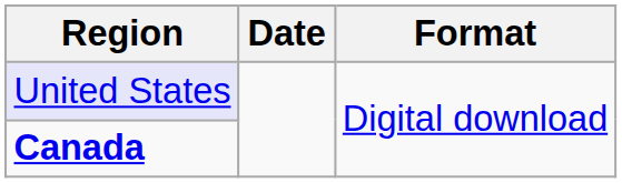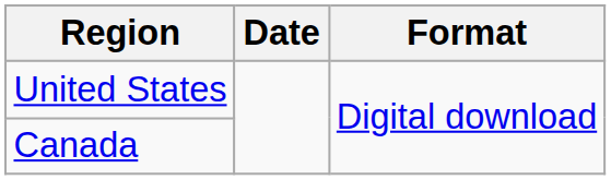 <table class="wikitable">
 <tr>
 <th>Region</th>
 <th>Date</th>
 <th>Format</th>
 </tr>
 <tr>
-<td rowspan="1" style="background: lavender;"><a href='#'>United States</a></td>
+<td rowspan="1"><a href='#'>United States</a></td>
 <td rowspan="2"></td>
 <td rowspan="2"><a href='#'>Digital download</a></td>
 </tr>
 <tr>
-<td rowspan="1"><strong><a href='#'>Canada</a></strong></td>
+<td rowspan="1"><a href='#'>Canada</a></td>
 </tr>
 </table>
